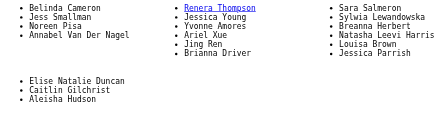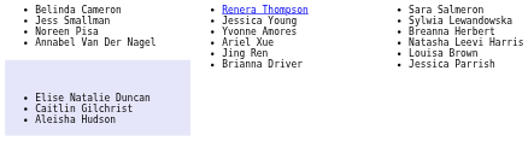 <table>
 <tr>
 <td width=250px><strong></strong></td>
 <td width=250px><strong></strong></td>
 <td width=250px><strong></strong></td>
 </tr>
 <tr style="vertical-align: top;"|>
 <td><br><ul><li>Belinda Cameron</li><li>Jess Smallman</li><li>Noreen Pisa</li><li>Annabel Van Der Nagel</li></ul></td>
 <td rowspan=2><br><ul><li><a href='#'>Renera Thompson</a></li><li>Jessica Young</li><li>Yvonne Amores</li><li>Ariel Xue</li><li>Jing Ren</li><li>Brianna Driver</li></ul></td>
 <td rowspan=2><br><ul><li>Sara Salmeron</li><li>Sylwia Lewandowska</li><li>Breanna Herbert</li><li>Natasha Leevi Harris</li><li>Louisa Brown</li><li>Jessica Parrish</li></ul></td>
 </tr>
 <tr style="vertical-align: top;"|>
-<td><strong></strong><br><br><ul><li>Elise Natalie Duncan</li><li>Caitlin Gilchrist</li><li>Aleisha Hudson</li></ul></td>
+<td style="background: lavender;"><strong></strong><br><br><ul><li>Elise Natalie Duncan</li><li>Caitlin Gilchrist</li><li>Aleisha Hudson</li></ul></td>
 </tr>
 <tr>
 </tr>
 </table>
